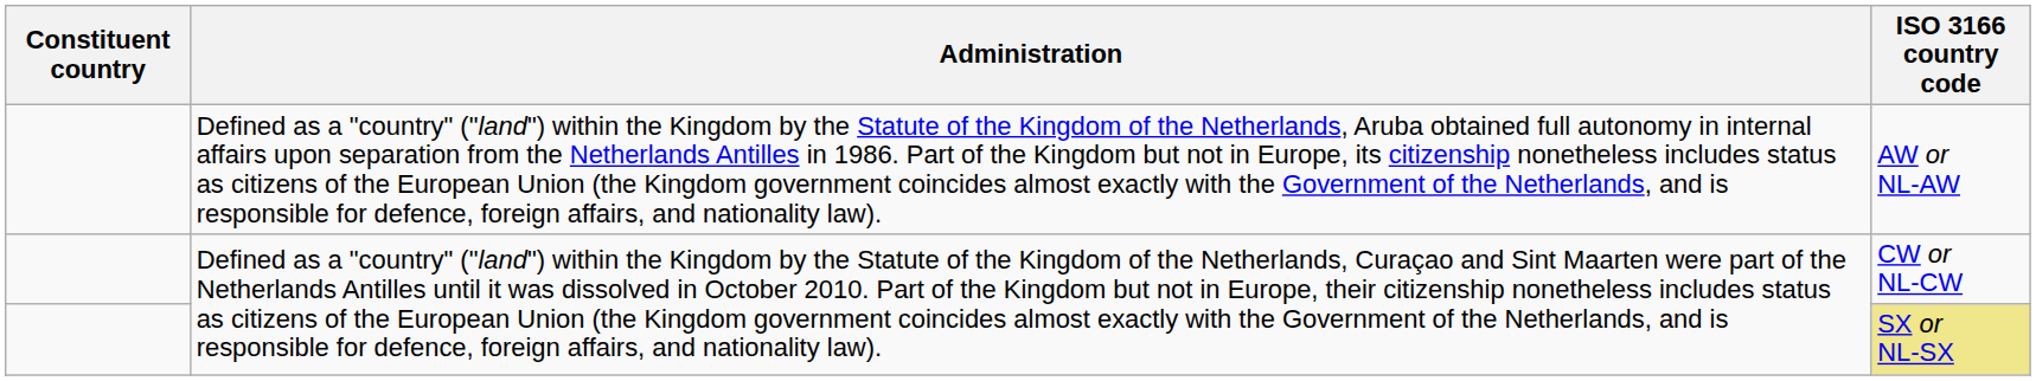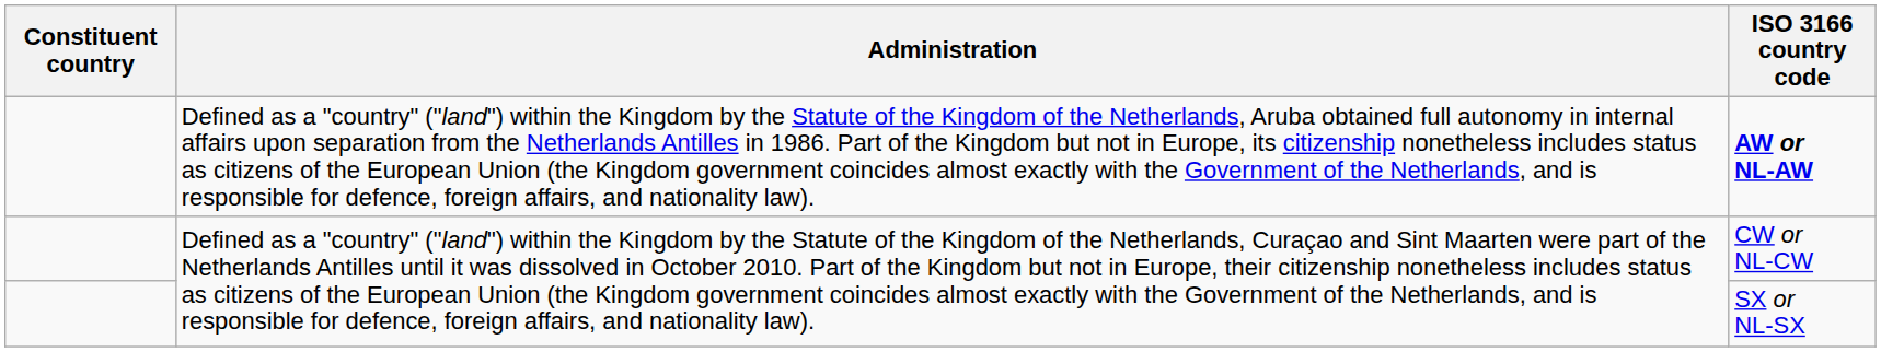 <table class="wikitable sortable">
 <tr>
 <th>Constituent country</th>
 <th>Administration</th>
 <th>ISO 3166 country code</th>
 </tr>
 <tr>
 <td></td>
 <td>Defined as a "country" ("<em>land</em>") within the Kingdom by the <a href='#'>Statute of the Kingdom of the Netherlands</a>, Aruba obtained full autonomy in internal affairs upon separation from the <a href='#'>Netherlands Antilles</a> in 1986. Part of the Kingdom but not in Europe, its <a href='#'>citizenship</a> nonetheless includes status as citizens of the European Union (the Kingdom government coincides almost exactly with the <a href='#'>Government of the Netherlands</a>, and is responsible for defence, foreign affairs, and nationality law).</td>
-<td><a href='#'>AW</a> <em>or</em><br><a href='#'>NL-AW</a></td>
+<td><strong><a href='#'>AW</a> <em>or</em><br><a href='#'>NL-AW</a></strong></td>
 </tr>
 <tr>
 <td></td>
 <td rowspan="2">Defined as a "country" ("<em>land</em>") within the Kingdom by the Statute of the Kingdom of the Netherlands, Curaçao and Sint Maarten were part of the Netherlands Antilles until it was dissolved in October 2010. Part of the Kingdom but not in Europe, their citizenship nonetheless includes status as citizens of the European Union (the Kingdom government coincides almost exactly with the Government of the Netherlands, and is responsible for defence, foreign affairs, and nationality law).</td>
 <td><a href='#'>CW</a> <em>or</em><br><a href='#'>NL-CW</a></td>
 </tr>
 <tr>
 <td></td>
-<td style="background: khaki;"><a href='#'>SX</a> <em>or</em><br><a href='#'>NL-SX</a></td>
+<td><a href='#'>SX</a> <em>or</em><br><a href='#'>NL-SX</a></td>
 </tr>
 </table>
